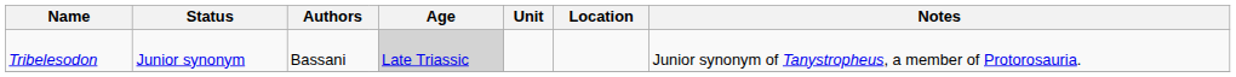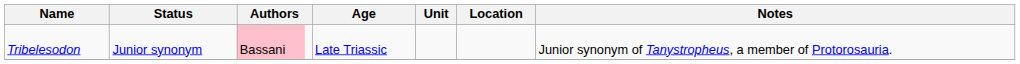 <table class="wikitable sortable" align="center" width="100%">
 <tr>
 <th>Name</th>
 <th>Status</th>
 <th colspan="2">Authors</th>
 <th>Age</th>
 <th>Unit</th>
 <th>Location</th>
 <th>Notes</th>
 </tr>
 <tr>
 <td><br><em><a href='#'>Tribelesodon</a></em></td>
 <td><br><a href='#'>Junior synonym</a></td>
-<td style="border-right:0px" valign="top"><br>Bassani</td>
+<td style="background: pink; border-right:0px" valign="top"><br>Bassani</td>
 <td style="border-left:0px" valign="top"></td>
-<td style="background: lightgrey;"><br><a href='#'>Late Triassic</a></td>
+<td><br><a href='#'>Late Triassic</a></td>
 <td></td>
 <td><br></td>
 <td><br>Junior synonym of <em><a href='#'>Tanystropheus</a></em>, a member of <a href='#'>Protorosauria</a>.</td>
 </tr>
 <tr>
 </tr>
 </table>
